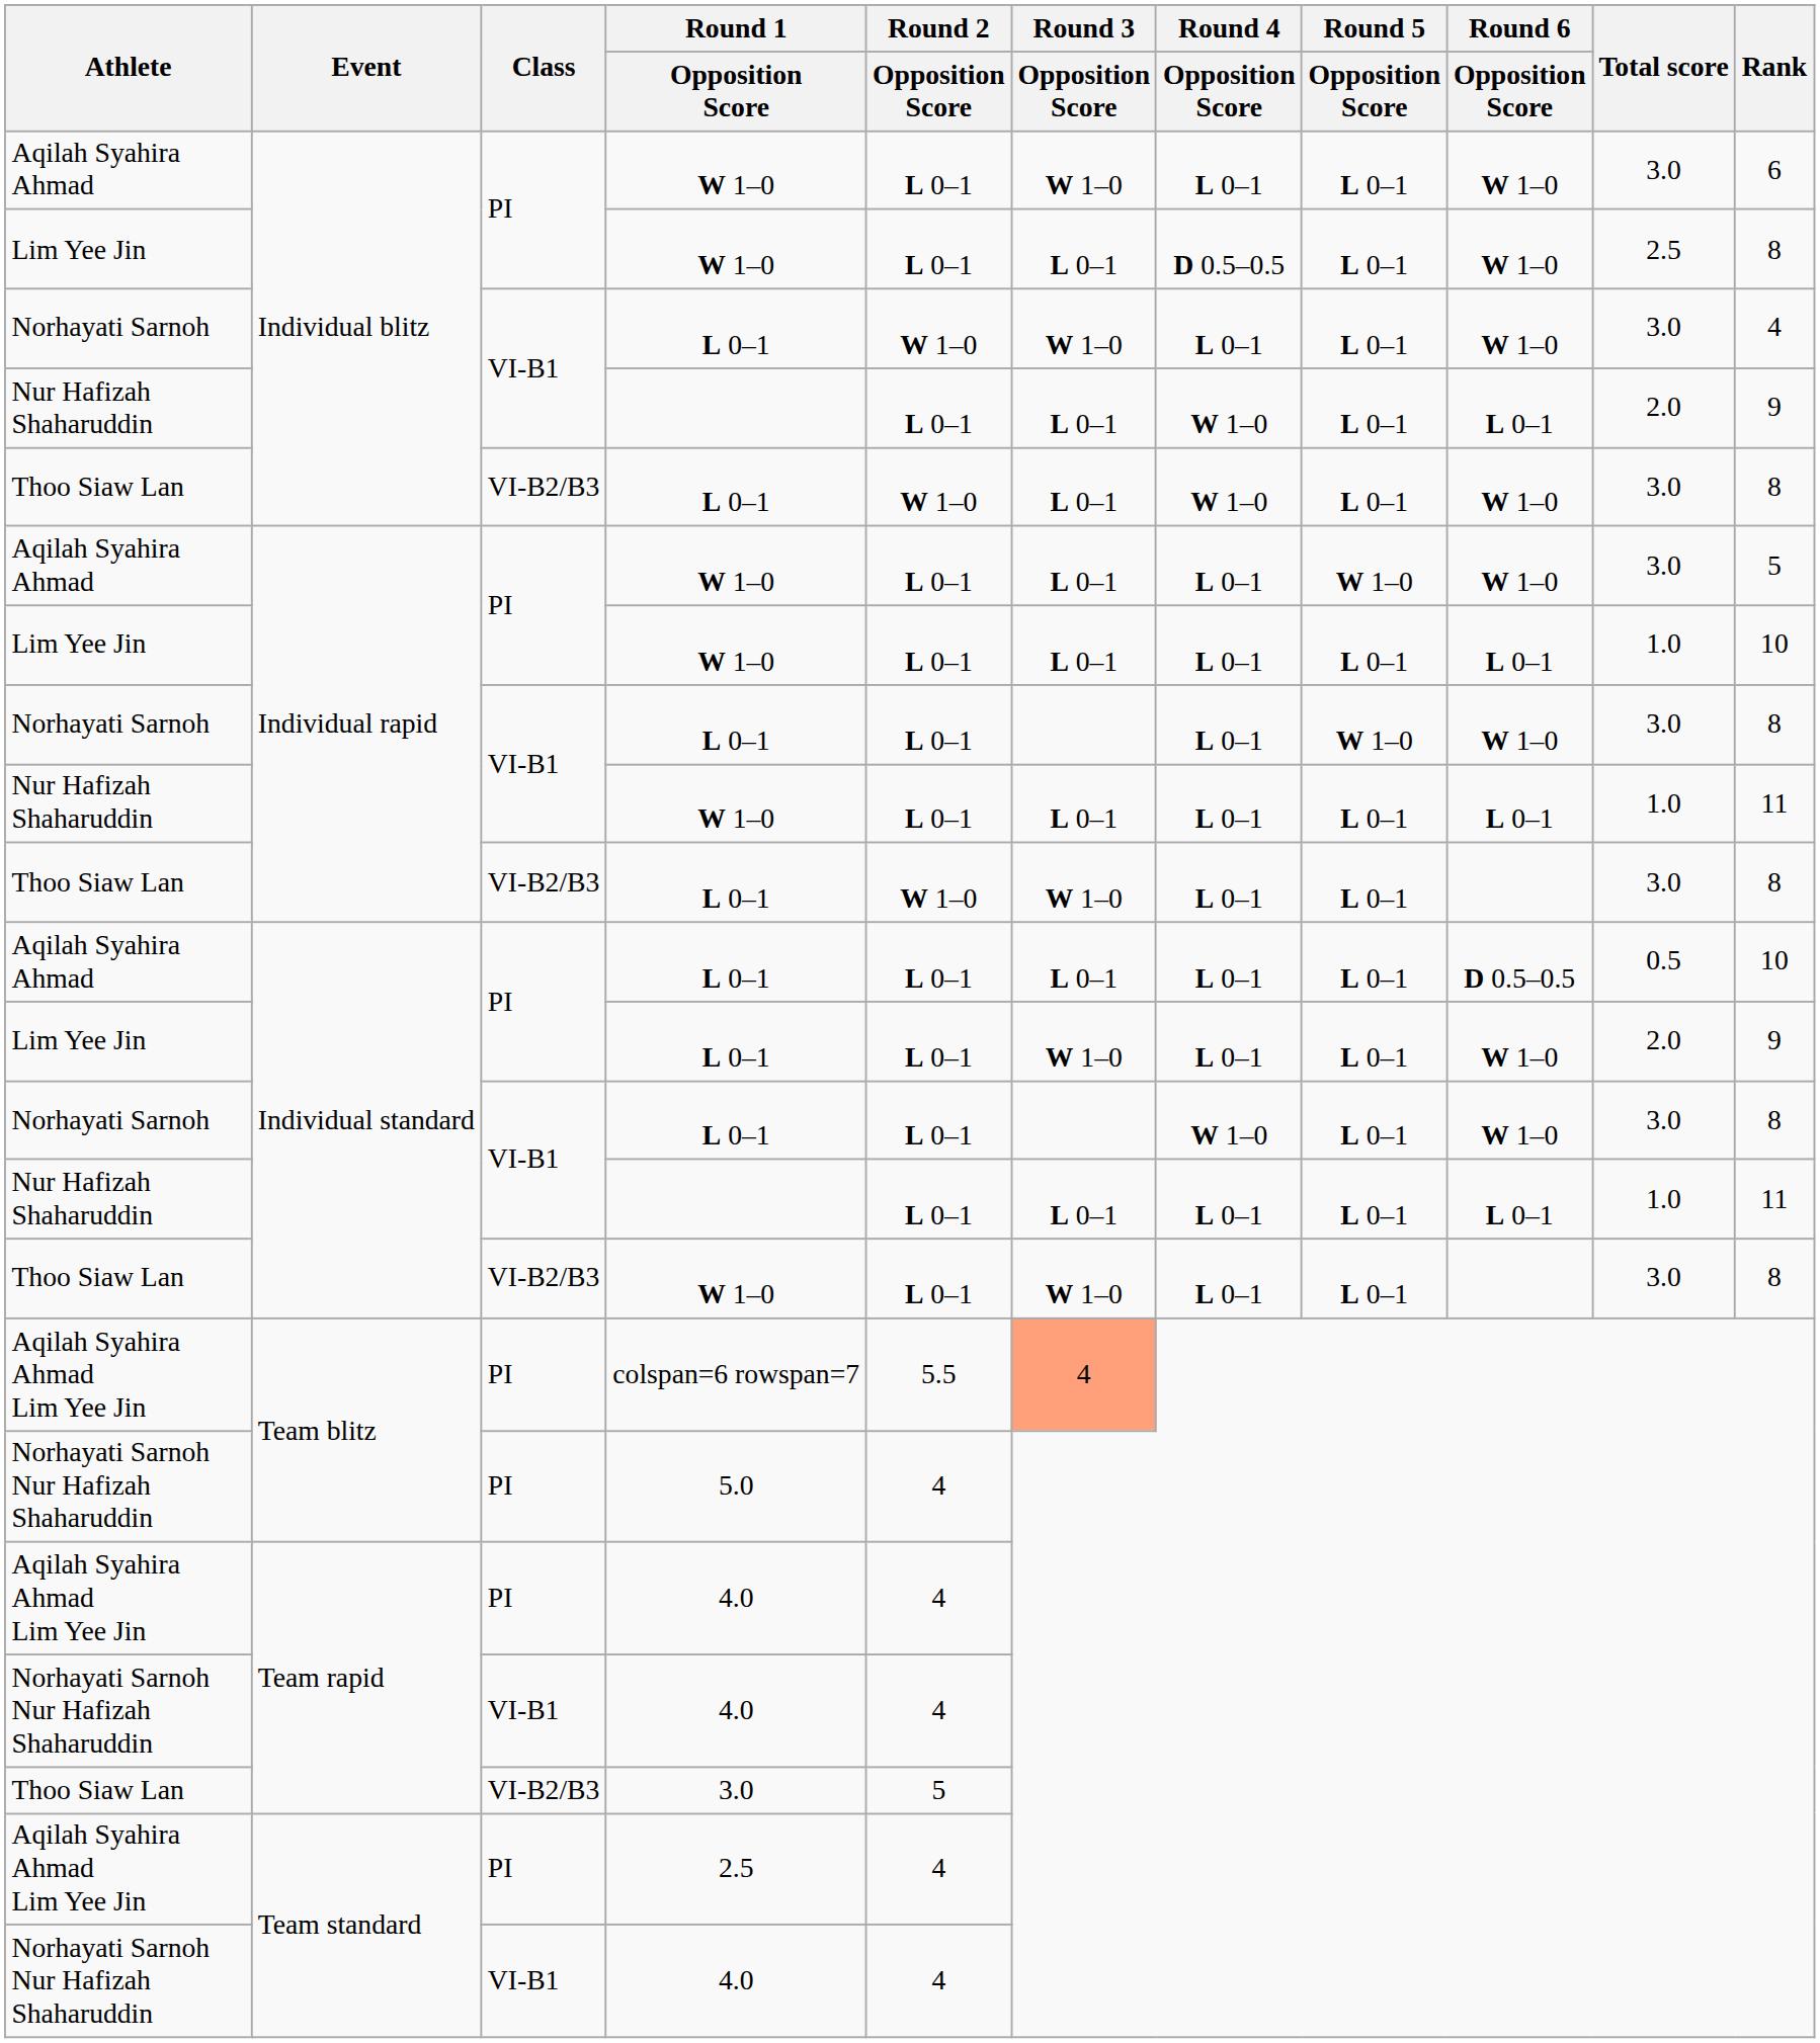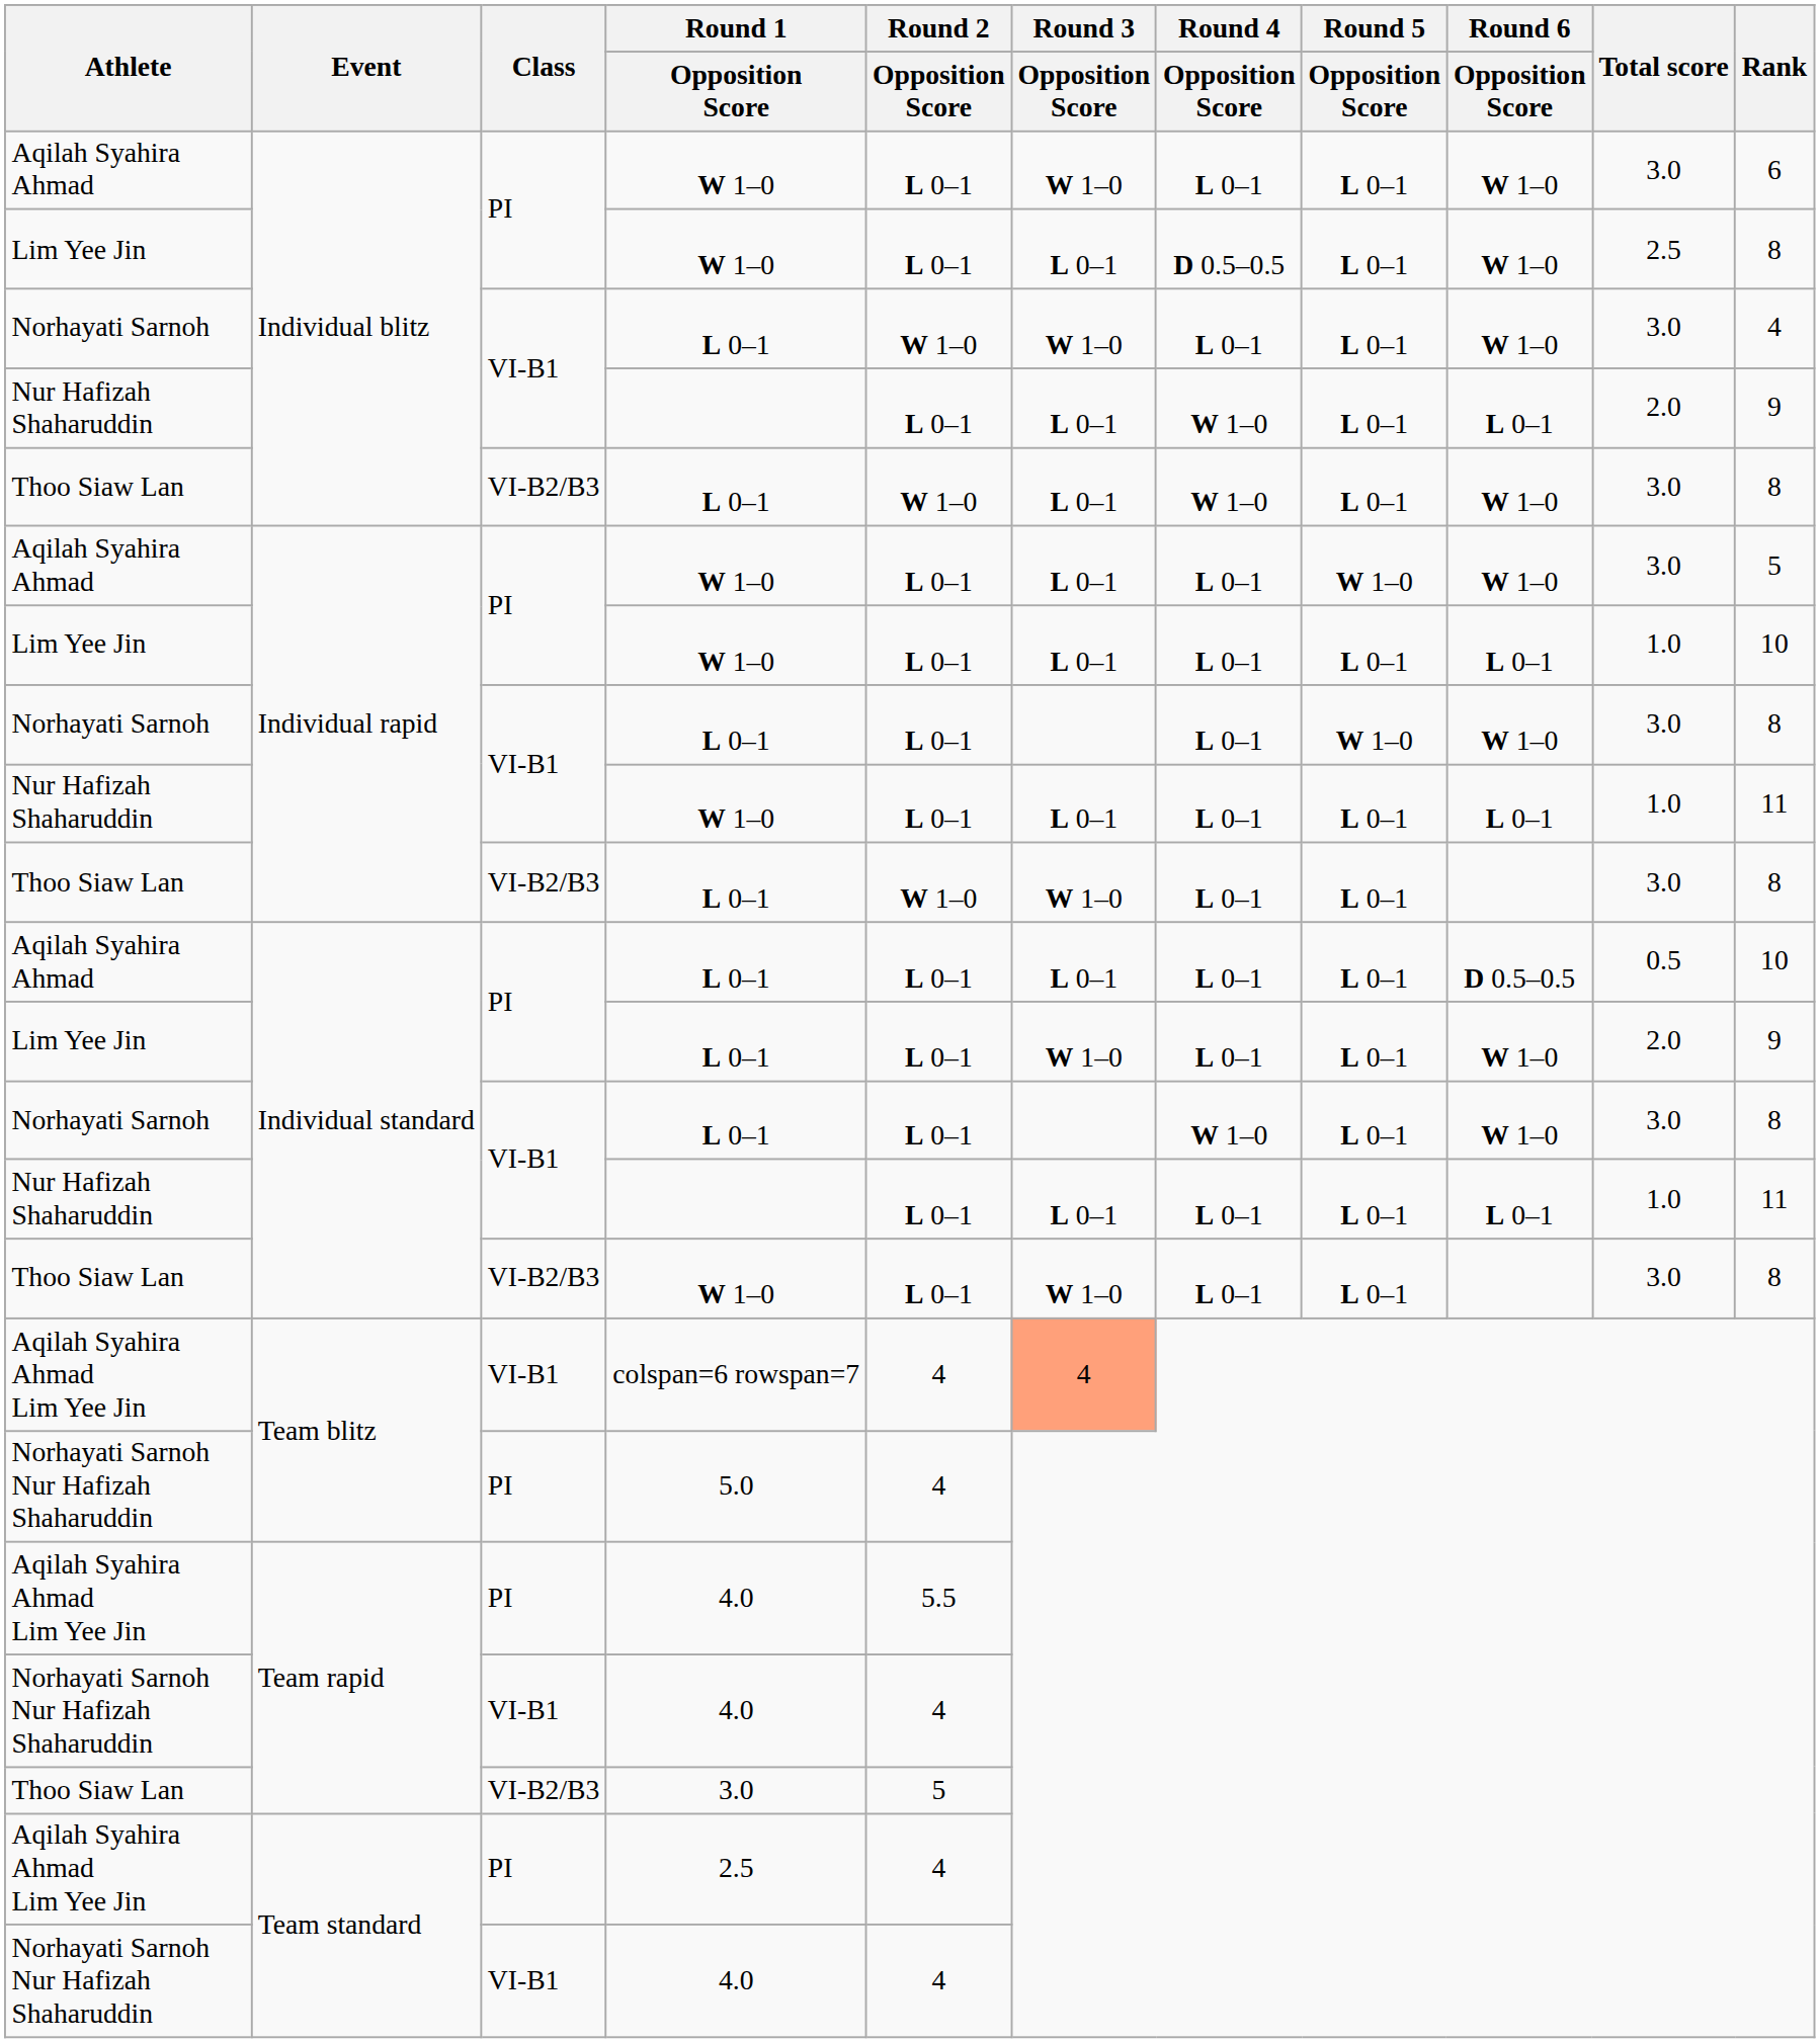 <table class="wikitable" style="text-align:center; font-size:90%">
 <tr>
 <th rowspan=2 width=120>Athlete</th>
 <th rowspan=2>Event</th>
 <th rowspan=2>Class</th>
 <th>Round 1</th>
 <th>Round 2</th>
 <th>Round 3</th>
 <th>Round 4</th>
 <th>Round 5</th>
 <th>Round 6</th>
 <th rowspan=2>Total score</th>
 <th rowspan=2>Rank</th>
 </tr>
 <tr>
 <th>Opposition<br>Score</th>
 <th>Opposition<br>Score</th>
 <th>Opposition<br>Score</th>
 <th>Opposition<br>Score</th>
 <th>Opposition<br>Score</th>
 <th>Opposition<br>Score</th>
 </tr>
 <tr>
 <td align="left">Aqilah Syahira Ahmad</td>
 <td rowspan=5 align=left>Individual blitz</td>
 <td rowspan=2 align=left>PI</td>
 <td><br><strong>W</strong> 1–0</td>
 <td><br><strong>L</strong> 0–1</td>
 <td><br><strong>W</strong> 1–0</td>
 <td><br><strong>L</strong> 0–1</td>
 <td><br><strong>L</strong> 0–1</td>
 <td><br><strong>W</strong> 1–0</td>
 <td>3.0</td>
 <td>6</td>
 </tr>
 <tr>
 <td align="left">Lim Yee Jin</td>
 <td><br><strong>W</strong> 1–0</td>
 <td><br><strong>L</strong> 0–1</td>
 <td><br><strong>L</strong> 0–1</td>
 <td><br><strong>D</strong> 0.5–0.5</td>
 <td><br><strong>L</strong> 0–1</td>
 <td><br><strong>W</strong> 1–0</td>
 <td>2.5</td>
 <td>8</td>
 </tr>
 <tr>
 <td align="left">Norhayati Sarnoh</td>
 <td rowspan=2 align=left>VI-B1</td>
 <td><br><strong>L</strong> 0–1</td>
 <td><br><strong>W</strong> 1–0</td>
 <td><br><strong>W</strong> 1–0</td>
 <td><br><strong>L</strong> 0–1</td>
 <td><br><strong>L</strong> 0–1</td>
 <td><br><strong>W</strong> 1–0</td>
 <td>3.0</td>
 <td>4</td>
 </tr>
 <tr>
 <td align="left">Nur Hafizah Shaharuddin</td>
 <td></td>
 <td><br><strong>L</strong> 0–1</td>
 <td><br><strong>L</strong> 0–1</td>
 <td><br><strong>W</strong> 1–0</td>
 <td><br><strong>L</strong> 0–1</td>
 <td><br><strong>L</strong> 0–1</td>
 <td>2.0</td>
 <td>9</td>
 </tr>
 <tr>
 <td align="left">Thoo Siaw Lan</td>
 <td align="left">VI-B2/B3</td>
 <td><br><strong>L</strong> 0–1</td>
 <td><br><strong>W</strong> 1–0</td>
 <td><br><strong>L</strong> 0–1</td>
 <td><br><strong>W</strong> 1–0</td>
 <td><br><strong>L</strong> 0–1</td>
 <td><br><strong>W</strong> 1–0</td>
 <td>3.0</td>
 <td>8</td>
 </tr>
 <tr>
 <td align="left">Aqilah Syahira Ahmad</td>
 <td rowspan=5 align=left>Individual rapid</td>
 <td rowspan=2 align=left>PI</td>
 <td><br><strong>W</strong> 1–0</td>
 <td><br><strong>L</strong> 0–1</td>
 <td><br><strong>L</strong> 0–1</td>
 <td><br><strong>L</strong> 0–1</td>
 <td><br><strong>W</strong> 1–0</td>
 <td><br><strong>W</strong> 1–0</td>
 <td>3.0</td>
 <td>5</td>
 </tr>
 <tr>
 <td align="left">Lim Yee Jin</td>
 <td><br><strong>W</strong> 1–0</td>
 <td><br><strong>L</strong> 0–1</td>
 <td><br><strong>L</strong> 0–1</td>
 <td><br><strong>L</strong> 0–1</td>
 <td><br><strong>L</strong> 0–1</td>
 <td><br><strong>L</strong> 0–1</td>
 <td>1.0</td>
 <td>10</td>
 </tr>
 <tr>
 <td align="left">Norhayati Sarnoh</td>
 <td rowspan=2 align=left>VI-B1</td>
 <td><br><strong>L</strong> 0–1</td>
 <td><br><strong>L</strong> 0–1</td>
 <td></td>
 <td><br><strong>L</strong> 0–1</td>
 <td><br><strong>W</strong> 1–0</td>
 <td><br><strong>W</strong> 1–0</td>
 <td>3.0</td>
 <td>8</td>
 </tr>
 <tr>
 <td align="left">Nur Hafizah Shaharuddin</td>
 <td><br><strong>W</strong> 1–0</td>
 <td><br><strong>L</strong> 0–1</td>
 <td><br><strong>L</strong> 0–1</td>
 <td><br><strong>L</strong> 0–1</td>
 <td><br><strong>L</strong> 0–1</td>
 <td><br><strong>L</strong> 0–1</td>
 <td>1.0</td>
 <td>11</td>
 </tr>
 <tr>
 <td align="left">Thoo Siaw Lan</td>
 <td align="left">VI-B2/B3</td>
 <td><br><strong>L</strong> 0–1</td>
 <td><br><strong>W</strong> 1–0</td>
 <td><br><strong>W</strong> 1–0</td>
 <td><br><strong>L</strong> 0–1</td>
 <td><br><strong>L</strong> 0–1</td>
 <td></td>
 <td>3.0</td>
 <td>8</td>
 </tr>
 <tr>
 <td align="left">Aqilah Syahira Ahmad</td>
 <td rowspan=5 align=left>Individual standard</td>
 <td rowspan=2 align=left>PI</td>
 <td><br><strong>L</strong> 0–1</td>
 <td><br><strong>L</strong> 0–1</td>
 <td><br><strong>L</strong> 0–1</td>
 <td><br><strong>L</strong> 0–1</td>
 <td><br><strong>L</strong> 0–1</td>
 <td><br><strong>D</strong> 0.5–0.5</td>
 <td>0.5</td>
 <td>10</td>
 </tr>
 <tr>
 <td align="left">Lim Yee Jin</td>
 <td><br><strong>L</strong> 0–1</td>
 <td><br><strong>L</strong> 0–1</td>
 <td><br><strong>W</strong> 1–0</td>
 <td><br><strong>L</strong> 0–1</td>
 <td><br><strong>L</strong> 0–1</td>
 <td><br><strong>W</strong> 1–0</td>
 <td>2.0</td>
 <td>9</td>
 </tr>
 <tr>
 <td align="left">Norhayati Sarnoh</td>
 <td rowspan=2 align=left>VI-B1</td>
 <td><br><strong>L</strong> 0–1</td>
 <td><br><strong>L</strong> 0–1</td>
 <td></td>
 <td><br><strong>W</strong> 1–0</td>
 <td><br><strong>L</strong> 0–1</td>
 <td><br><strong>W</strong> 1–0</td>
 <td>3.0</td>
 <td>8</td>
 </tr>
 <tr>
 <td align="left">Nur Hafizah Shaharuddin</td>
 <td></td>
 <td><br><strong>L</strong> 0–1</td>
 <td><br><strong>L</strong> 0–1</td>
 <td><br><strong>L</strong> 0–1</td>
 <td><br><strong>L</strong> 0–1</td>
 <td><br><strong>L</strong> 0–1</td>
 <td>1.0</td>
 <td>11</td>
 </tr>
 <tr>
 <td align="left">Thoo Siaw Lan</td>
 <td align="left">VI-B2/B3</td>
 <td><br><strong>W</strong> 1–0</td>
 <td><br><strong>L</strong> 0–1</td>
 <td><br><strong>W</strong> 1–0</td>
 <td><br><strong>L</strong> 0–1</td>
 <td><br><strong>L</strong> 0–1</td>
 <td></td>
 <td>3.0</td>
 <td>8</td>
 </tr>
 <tr>
 <td align="left">Aqilah Syahira Ahmad<br>Lim Yee Jin</td>
 <td rowspan=2 align=left>Team blitz</td>
-<td align="left">PI</td>
+<td align="left">VI-B1</td>
 <td>colspan=6 rowspan=7 </td>
-<td>5.5</td>
+<td>4</td>
 <td style="background: lightsalmon;">4</td>
 </tr>
 <tr>
 <td align="left">Norhayati Sarnoh<br>Nur Hafizah Shaharuddin</td>
 <td align="left">PI</td>
 <td>5.0</td>
 <td>4</td>
 </tr>
 <tr>
 <td align="left">Aqilah Syahira Ahmad<br>Lim Yee Jin</td>
 <td rowspan=3 align=left>Team rapid</td>
 <td align="left">PI</td>
 <td>4.0</td>
-<td>4</td>
+<td>5.5</td>
 </tr>
 <tr>
 <td align="left">Norhayati Sarnoh<br>Nur Hafizah Shaharuddin</td>
 <td align="left">VI-B1</td>
 <td>4.0</td>
 <td>4</td>
 </tr>
 <tr>
 <td align="left">Thoo Siaw Lan</td>
 <td align="left">VI-B2/B3</td>
 <td>3.0</td>
 <td>5</td>
 </tr>
 <tr>
 <td align="left">Aqilah Syahira Ahmad<br>Lim Yee Jin</td>
 <td rowspan=2 align=left>Team standard</td>
 <td align="left">PI</td>
 <td>2.5</td>
 <td>4</td>
 </tr>
 <tr>
 <td align="left">Norhayati Sarnoh <br>Nur Hafizah Shaharuddin</td>
 <td align="left">VI-B1</td>
 <td>4.0</td>
 <td>4</td>
 </tr>
 </table>
